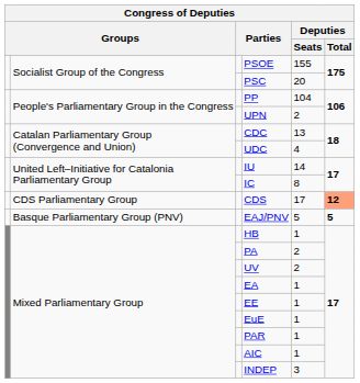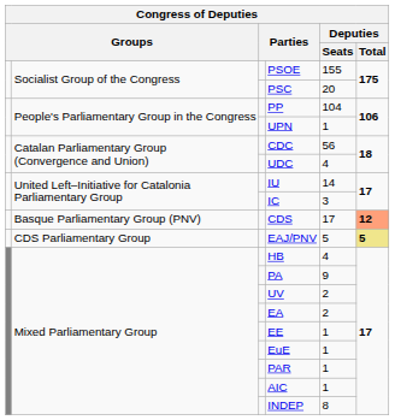 <table class="wikitable" style="text-align:left;">
 <tr>
 <th colspan="6">Congress of Deputies</th>
 </tr>
 <tr>
 <th rowspan="2" colspan="2">Groups</th>
 <th rowspan="2" colspan="2">Parties</th>
 <th colspan="2">Deputies</th>
 </tr>
 <tr>
 <th>Seats</th>
 <th>Total</th>
 </tr>
 <tr>
 <td width="1" rowspan="2"></td>
 <td rowspan="2">Socialist Group of the Congress</td>
 <td width="1" style="color:inherit;background:"></td>
 <td><a href='#'>PSOE</a></td>
 <td>155</td>
 <td rowspan="2"><strong>175</strong></td>
 </tr>
 <tr>
 <td style="color:inherit;background:"></td>
 <td><a href='#'>PSC</a></td>
 <td>20</td>
 </tr>
 <tr>
 <td rowspan="2" style="color:inherit;background:"></td>
 <td rowspan="2">People's Parliamentary Group in the Congress</td>
 <td style="color:inherit;background:"></td>
 <td><a href='#'>PP</a></td>
 <td>104</td>
 <td rowspan="2"><strong>106</strong></td>
 </tr>
 <tr>
 <td style="color:inherit;background:"></td>
 <td><a href='#'>UPN</a></td>
-<td>2</td>
+<td>1</td>
 </tr>
 <tr>
 <td rowspan="2" style="color:inherit;background:"></td>
 <td rowspan="2">Catalan Parliamentary Group<br>(Convergence and Union)</td>
 <td style="color:inherit;background:"></td>
 <td><a href='#'>CDC</a></td>
-<td>13</td>
+<td>56</td>
 <td rowspan="2"><strong>18</strong></td>
 </tr>
 <tr>
 <td style="color:inherit;background:"></td>
 <td><a href='#'>UDC</a></td>
 <td>4</td>
 </tr>
 <tr>
 <td rowspan="2" style="color:inherit;background:"></td>
 <td rowspan="2">United Left–Initiative for Catalonia<br>Parliamentary Group</td>
 <td style="color:inherit;background:"></td>
 <td><a href='#'>IU</a></td>
 <td>14</td>
 <td rowspan="2"><strong>17</strong></td>
 </tr>
 <tr>
 <td style="color:inherit;background:"></td>
 <td><a href='#'>IC</a></td>
-<td>8</td>
+<td>3</td>
 </tr>
 <tr>
 <td style="color:inherit;background:"></td>
-<td>CDS Parliamentary Group</td>
+<td>Basque Parliamentary Group (PNV)</td>
 <td style="color:inherit;background:"></td>
 <td><a href='#'>CDS</a></td>
 <td>17</td>
 <td style="background: lightsalmon;"><strong>12</strong></td>
 </tr>
 <tr>
 <td style="color:inherit;background:"></td>
-<td>Basque Parliamentary Group (PNV)</td>
+<td>CDS Parliamentary Group</td>
 <td style="color:inherit;background:"></td>
 <td><a href='#'>EAJ/PNV</a></td>
 <td>5</td>
-<td><strong>5</strong></td>
+<td style="background: khaki;"><strong>5</strong></td>
 </tr>
 <tr>
 <td rowspan="9" bgcolor="gray"></td>
 <td rowspan="9">Mixed Parliamentary Group</td>
 <td style="color:inherit;background:"></td>
 <td><a href='#'>HB</a></td>
-<td>1</td>
+<td>4</td>
 <td rowspan="9"><strong>17</strong></td>
 </tr>
 <tr>
 <td style="color:inherit;background:"></td>
 <td><a href='#'>PA</a></td>
-<td>2</td>
+<td>9</td>
 </tr>
 <tr>
 <td style="color:inherit;background:"></td>
 <td><a href='#'>UV</a></td>
 <td>2</td>
 </tr>
 <tr>
 <td style="color:inherit;background:"></td>
 <td><a href='#'>EA</a></td>
-<td>1</td>
+<td>2</td>
 </tr>
 <tr>
 <td style="color:inherit;background:"></td>
 <td><a href='#'>EE</a></td>
 <td>1</td>
 </tr>
 <tr>
 <td style="color:inherit;background:"></td>
 <td><a href='#'>EuE</a></td>
 <td>1</td>
 </tr>
 <tr>
 <td style="color:inherit;background:"></td>
 <td><a href='#'>PAR</a></td>
 <td>1</td>
 </tr>
 <tr>
 <td style="color:inherit;background:"></td>
 <td><a href='#'>AIC</a></td>
 <td>1</td>
 </tr>
 <tr>
 <td style="color:inherit;background:"></td>
 <td><a href='#'>INDEP</a></td>
-<td>3</td>
+<td>8</td>
 </tr>
 </table>
